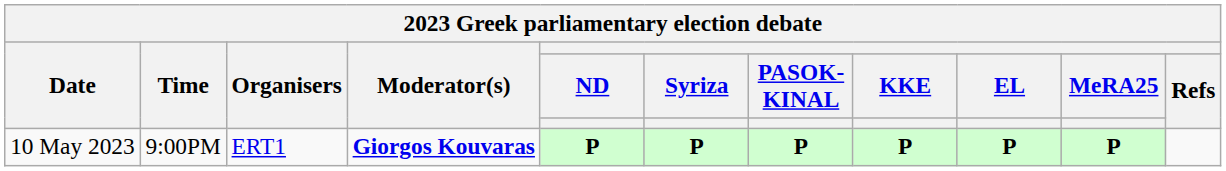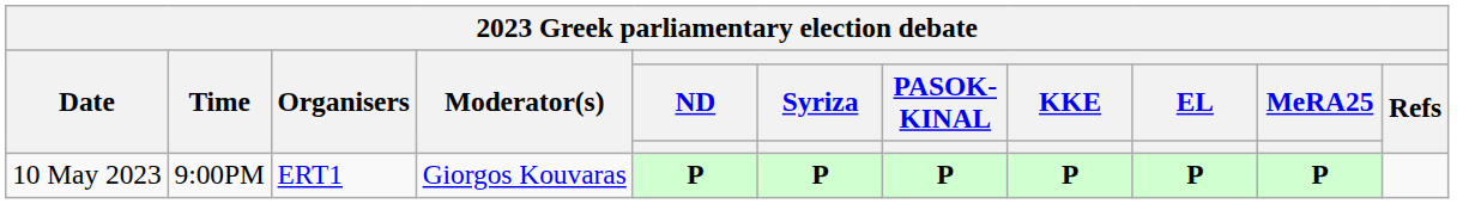 <table class="wikitable" style="font-size:98%; text-align:center;">
 <tr>
 <th colspan="11">2023 Greek parliamentary election debate</th>
 </tr>
 <tr>
 <th rowspan="3">Date</th>
 <th rowspan="3">Time</th>
 <th rowspan="3">Organisers</th>
 <th rowspan="3">Moderator(s)</th>
 <th colspan="7">      </th>
 </tr>
 <tr>
 <th scope="col" style="width:4em;"><a href='#'>ND</a><br></th>
 <th scope="col" style="width:4em;"><a href='#'>Syriza</a><br></th>
 <th scope="col" style="width:4em;"><a href='#'>PASOK-KINAL</a><br></th>
 <th scope="col" style="width:4em;"><a href='#'>KKE</a><br></th>
 <th scope="col" style="width:4em;"><a href='#'>EL</a><br></th>
 <th scope="col" style="width:4em;"><a href='#'>MeRA25</a><br></th>
 <th rowspan="2">Refs</th>
 </tr>
 <tr>
 <th style="background:"></th>
 <th style="background:"></th>
 <th style="background:"></th>
 <th class="sortable" style="background:"></th>
 <th style="background:"></th>
 <th style="background:"></th>
 </tr>
 <tr>
 <td style="white-space:nowrap; text-align:left;">10 May 2023</td>
 <td style="white-space:nowrap; text-align:left;">9:00PM</td>
 <td style="white-space:nowrap; text-align:left;"><a href='#'>ERT1</a></td>
-<td style="white-space:nowrap; text-align:left;"><strong><a href='#'>Giorgos Kouvaras</a></strong></td>
+<td style="white-space:nowrap; text-align:left;"><a href='#'>Giorgos Kouvaras</a></td>
 <td style="background:#D0FFD0;"><strong>P</strong></td>
 <td style="background:#D0FFD0;"><strong>P</strong></td>
 <td style="background:#D0FFD0;"><strong>P</strong></td>
 <td style="background:#D0FFD0;"><strong>P</strong></td>
 <td style="background:#D0FFD0;"><strong>P</strong></td>
 <td style="background:#D0FFD0;"><strong>P</strong></td>
 <td></td>
 </tr>
 </table>
